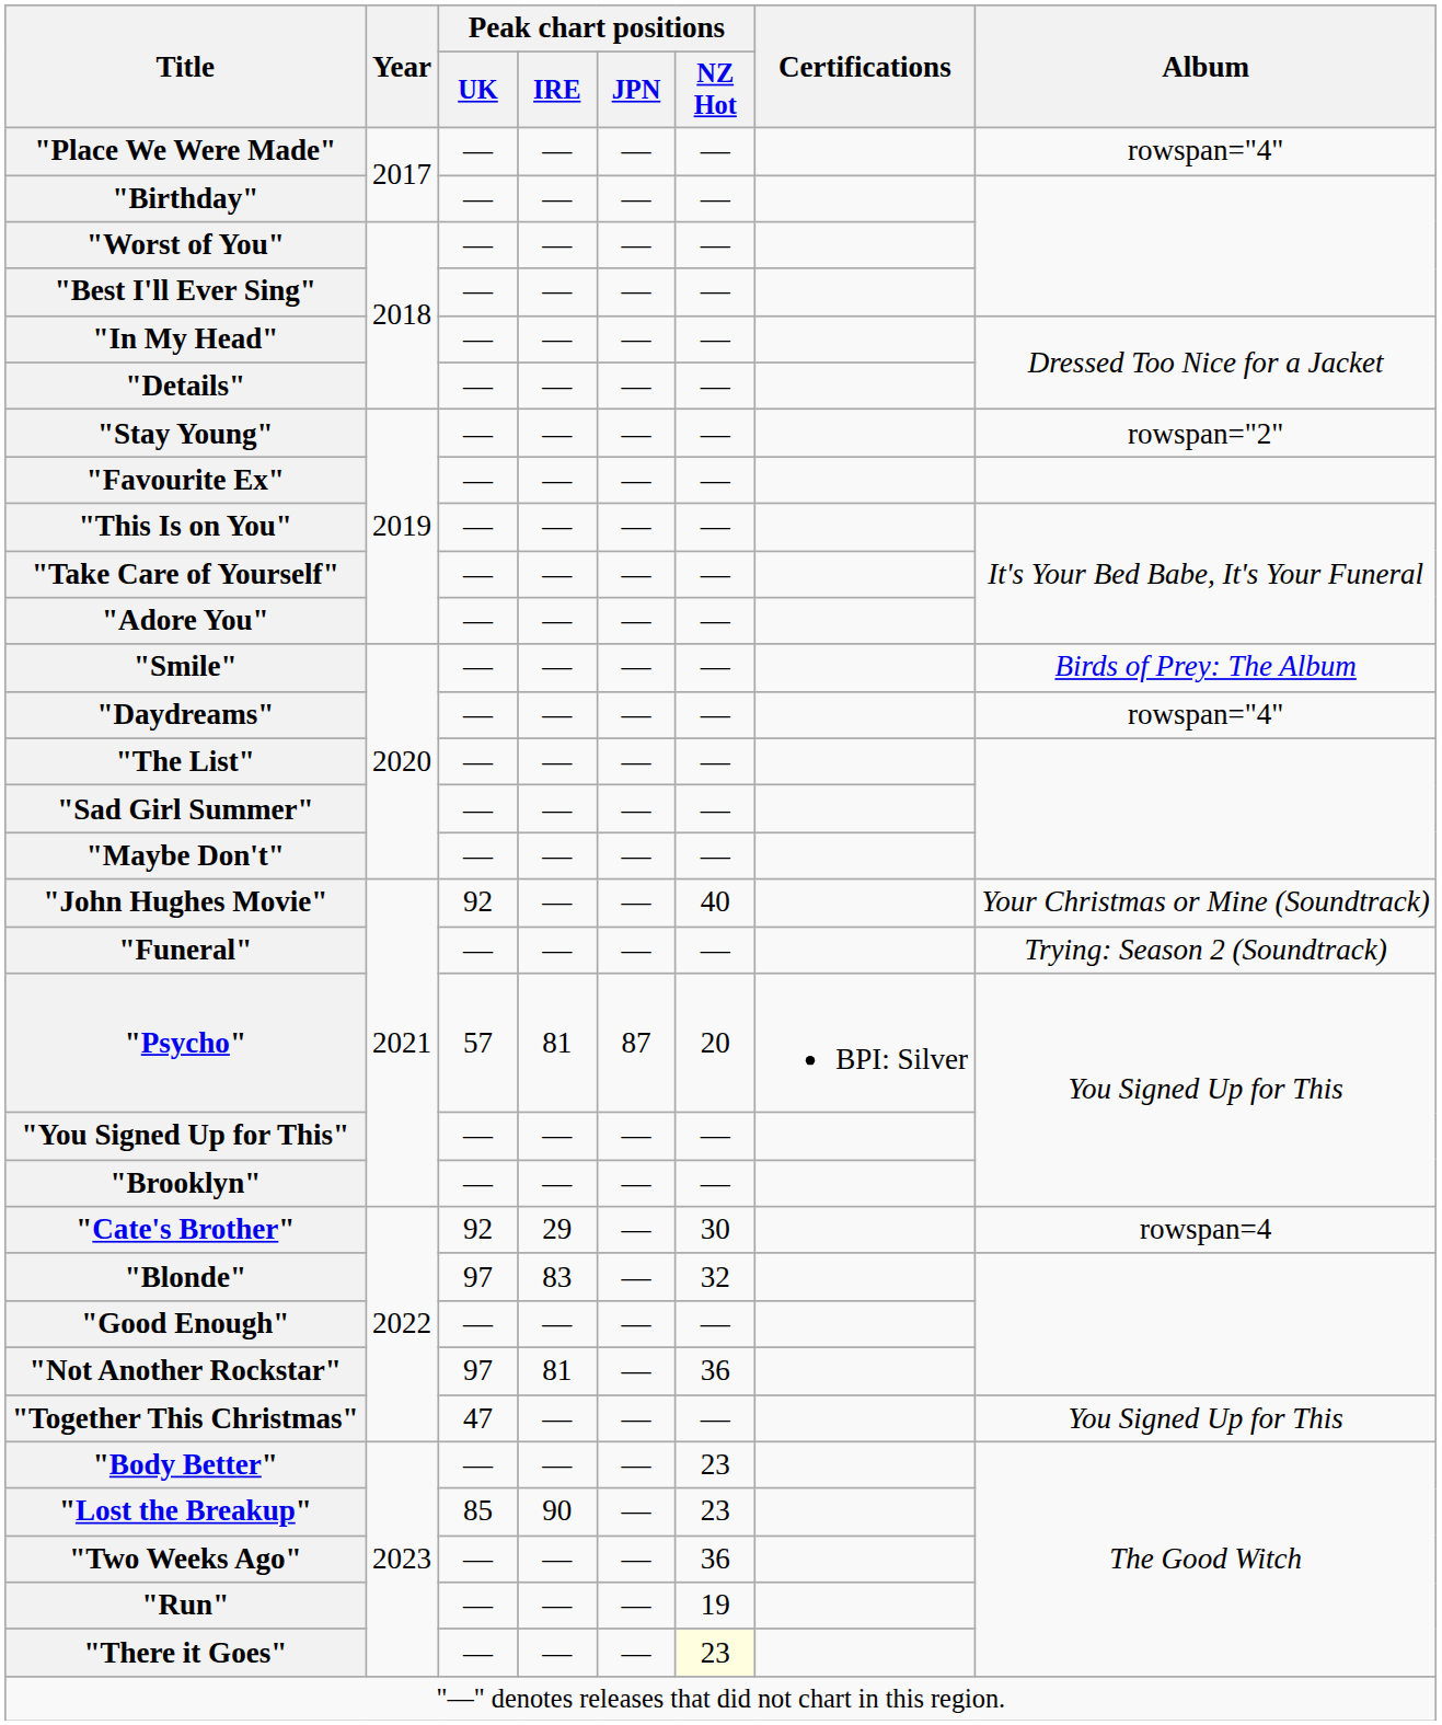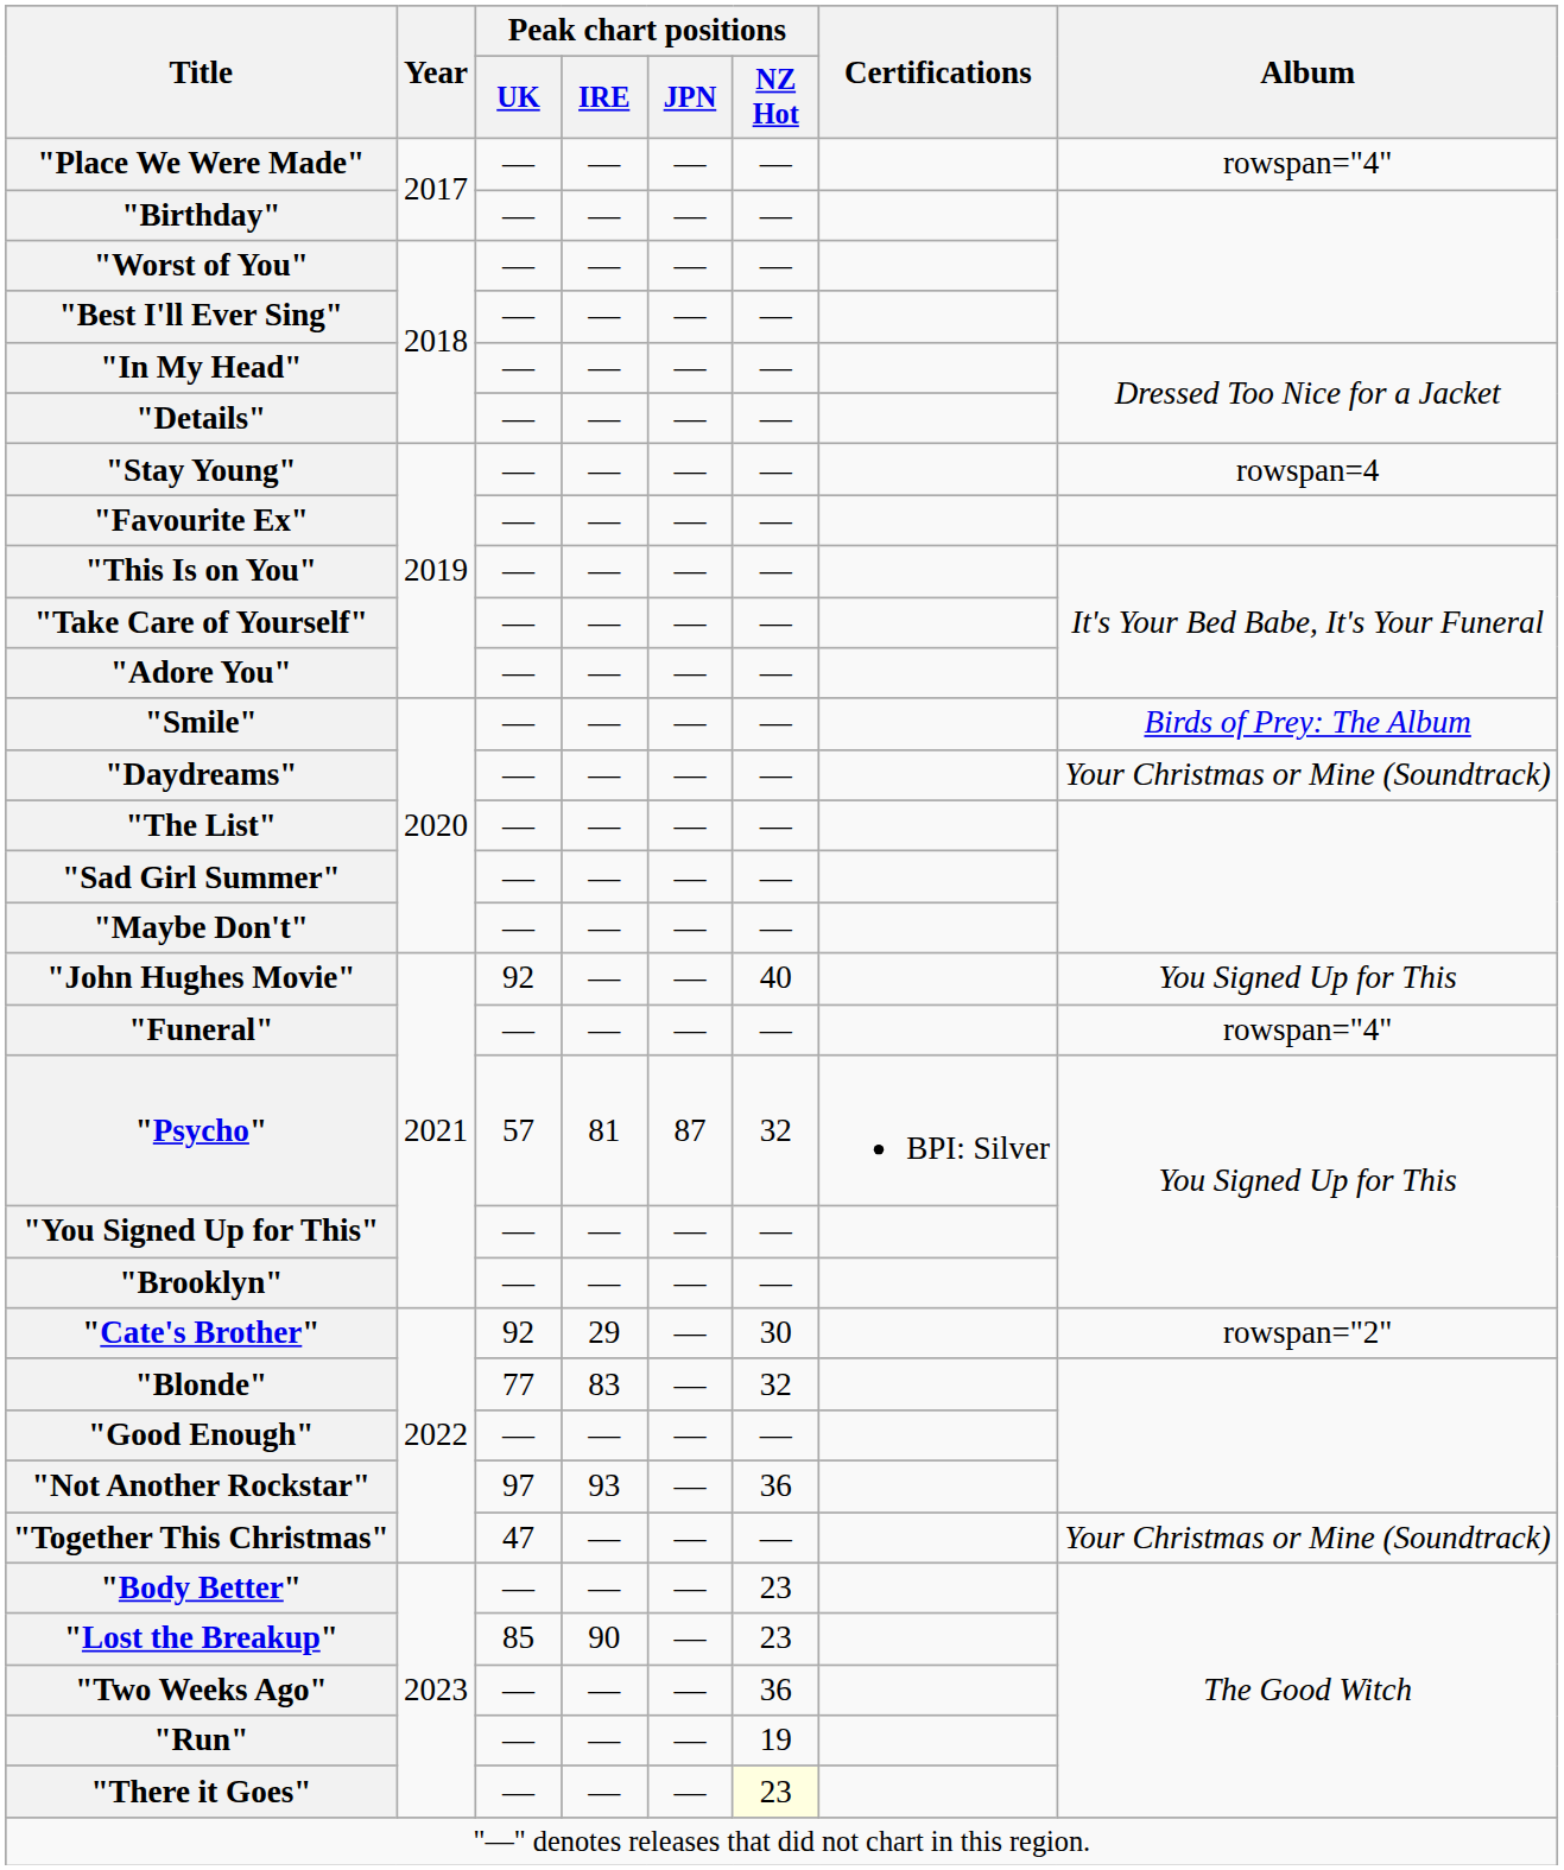 <table class="wikitable plainrowheaders" style="text-align:center;">
 <tr>
 <th scope="col" rowspan="2">Title</th>
 <th scope="col" rowspan="2">Year</th>
 <th scope="col" colspan="4">Peak chart positions</th>
 <th scope="col" rowspan="2">Certifications</th>
 <th scope="col" rowspan="2">Album</th>
 </tr>
 <tr>
 <th scope="col" style="width:2.5em;font-size:90%;"><a href='#'>UK</a><br></th>
 <th scope="col" style="width:2.5em;font-size:90%;"><a href='#'>IRE</a><br></th>
 <th scope="col" style="width:2.5em;font-size:90%;"><a href='#'>JPN</a><br></th>
 <th scope="col" style="width:2.5em;font-size:90%;"><a href='#'>NZ<br>Hot</a><br></th>
 </tr>
 <tr>
 <th scope="row">"Place We Were Made"</th>
 <td rowspan="2">2017</td>
 <td>—</td>
 <td>—</td>
 <td>—</td>
 <td>—</td>
 <td></td>
 <td>rowspan="4" </td>
 </tr>
 <tr>
 <th scope="row">"Birthday"</th>
 <td>—</td>
 <td>—</td>
 <td>—</td>
 <td>—</td>
 <td></td>
 </tr>
 <tr>
 <th scope="row">"Worst of You"</th>
 <td rowspan="4">2018</td>
 <td>—</td>
 <td>—</td>
 <td>—</td>
 <td>—</td>
 <td></td>
 </tr>
 <tr>
 <th scope="row">"Best I'll Ever Sing"</th>
 <td>—</td>
 <td>—</td>
 <td>—</td>
 <td>—</td>
 <td></td>
 </tr>
 <tr>
 <th scope="row">"In My Head"</th>
 <td>—</td>
 <td>—</td>
 <td>—</td>
 <td>—</td>
 <td></td>
 <td rowspan="2"><em>Dressed Too Nice for a Jacket</em></td>
 </tr>
 <tr>
 <th scope="row">"Details"</th>
 <td>—</td>
 <td>—</td>
 <td>—</td>
 <td>—</td>
 <td></td>
 </tr>
 <tr>
 <th scope="row">"Stay Young"</th>
 <td rowspan="5">2019</td>
 <td>—</td>
 <td>—</td>
 <td>—</td>
 <td>—</td>
 <td></td>
-<td>rowspan="2" </td>
+<td>rowspan=4 </td>
 </tr>
 <tr>
 <th scope="row">"Favourite Ex"</th>
 <td>—</td>
 <td>—</td>
 <td>—</td>
 <td>—</td>
 <td></td>
 </tr>
 <tr>
 <th scope="row">"This Is on You"</th>
 <td>—</td>
 <td>—</td>
 <td>—</td>
 <td>—</td>
 <td></td>
 <td rowspan="3"><em>It's Your Bed Babe, It's Your Funeral</em></td>
 </tr>
 <tr>
 <th scope="row">"Take Care of Yourself"</th>
 <td>—</td>
 <td>—</td>
 <td>—</td>
 <td>—</td>
 <td></td>
 </tr>
 <tr>
 <th scope="row">"Adore You"</th>
 <td>—</td>
 <td>—</td>
 <td>—</td>
 <td>—</td>
 <td></td>
 </tr>
 <tr>
 <th scope="row">"Smile"</th>
 <td rowspan="5">2020</td>
 <td>—</td>
 <td>—</td>
 <td>—</td>
 <td>—</td>
 <td></td>
 <td><em><a href='#'>Birds of Prey: The Album</a></em></td>
 </tr>
 <tr>
 <th scope="row">"Daydreams"</th>
 <td>—</td>
 <td>—</td>
 <td>—</td>
 <td>—</td>
 <td></td>
-<td>rowspan="4" </td>
+<td><em>Your Christmas or Mine (Soundtrack)</em></td>
 </tr>
 <tr>
 <th scope="row">"The List"</th>
 <td>—</td>
 <td>—</td>
 <td>—</td>
 <td>—</td>
 <td></td>
 </tr>
 <tr>
 <th scope="row">"Sad Girl Summer"</th>
 <td>—</td>
 <td>—</td>
 <td>—</td>
 <td>—</td>
 <td></td>
 </tr>
 <tr>
 <th scope="row">"Maybe Don't"<br></th>
 <td>—</td>
 <td>—</td>
 <td>—</td>
 <td>—</td>
 <td></td>
 </tr>
 <tr>
 <th scope="row">"John Hughes Movie"</th>
 <td rowspan="5">2021</td>
 <td>92</td>
 <td>—</td>
 <td>—</td>
 <td>40</td>
 <td></td>
-<td><em>Your Christmas or Mine (Soundtrack)</em></td>
+<td><em>You Signed Up for This</em></td>
 </tr>
 <tr>
 <th scope="row">"Funeral"<br></th>
 <td>—</td>
 <td>—</td>
 <td>—</td>
 <td>—</td>
 <td></td>
-<td><em>Trying: Season 2 (Soundtrack)</em></td>
+<td>rowspan="4" </td>
 </tr>
 <tr>
 <th scope="row">"<a href='#'>Psycho</a>"</th>
 <td>57</td>
 <td>81</td>
 <td>87</td>
-<td>20</td>
+<td>32</td>
 <td><br><ul><li>BPI: Silver</li></ul></td>
 <td rowspan="3"><em>You Signed Up for This</em></td>
 </tr>
 <tr>
 <th scope="row">"You Signed Up for This"</th>
 <td>—</td>
 <td>—</td>
 <td>—</td>
 <td>—</td>
 <td></td>
 </tr>
 <tr>
 <th scope="row">"Brooklyn"</th>
 <td>—</td>
 <td>—</td>
 <td>—</td>
 <td>—</td>
 <td></td>
 </tr>
 <tr>
 <th scope="row">"<a href='#'>Cate's Brother</a>"</th>
 <td rowspan="5">2022</td>
 <td>92</td>
 <td>29</td>
 <td>—</td>
 <td>30</td>
 <td></td>
-<td>rowspan=4 </td>
+<td>rowspan="2" </td>
 </tr>
 <tr>
 <th scope="row">"Blonde"</th>
-<td>97</td>
+<td>77</td>
 <td>83</td>
 <td>—</td>
 <td>32</td>
 <td></td>
 </tr>
 <tr>
 <th scope="row">"Good Enough"</th>
 <td>—</td>
 <td>—</td>
 <td>—</td>
 <td>—</td>
 <td></td>
 </tr>
 <tr>
 <th scope="row">"Not Another Rockstar"</th>
 <td>97</td>
-<td>81</td>
+<td>93</td>
 <td>—</td>
 <td>36</td>
 <td></td>
 </tr>
 <tr>
 <th scope="row">"Together This Christmas"</th>
 <td>47</td>
 <td>—</td>
 <td>—</td>
 <td>—</td>
 <td></td>
-<td><em>You Signed Up for This</em></td>
+<td><em>Your Christmas or Mine (Soundtrack)</em></td>
 </tr>
 <tr>
 <th scope="row">"<a href='#'>Body Better</a>"</th>
 <td rowspan="5">2023</td>
 <td>—</td>
 <td>—</td>
 <td>—</td>
 <td>23</td>
 <td></td>
 <td rowspan="5"><em>The Good Witch</em></td>
 </tr>
 <tr>
 <th scope="row">"<a href='#'>Lost the Breakup</a>"</th>
 <td>85</td>
 <td>90</td>
 <td>—</td>
 <td>23</td>
 <td></td>
 </tr>
 <tr>
 <th scope="row">"Two Weeks Ago"</th>
 <td>—</td>
 <td>—</td>
 <td>—</td>
 <td>36</td>
 <td></td>
 </tr>
 <tr>
 <th scope="row">"Run"</th>
 <td>—</td>
 <td>—</td>
 <td>—</td>
 <td>19</td>
 <td></td>
 </tr>
 <tr>
 <th scope="row">"There it Goes"</th>
 <td>—</td>
 <td>—</td>
 <td>—</td>
 <td style="background: lightyellow;">23</td>
 <td></td>
 </tr>
 <tr>
 <td colspan="14" style="font-size:90%">"—" denotes releases that did not chart in this region.</td>
 </tr>
 </table>
